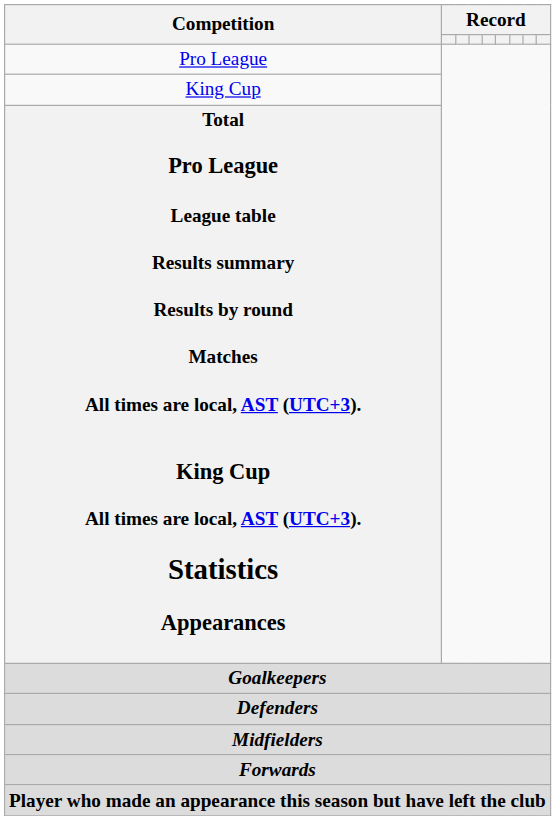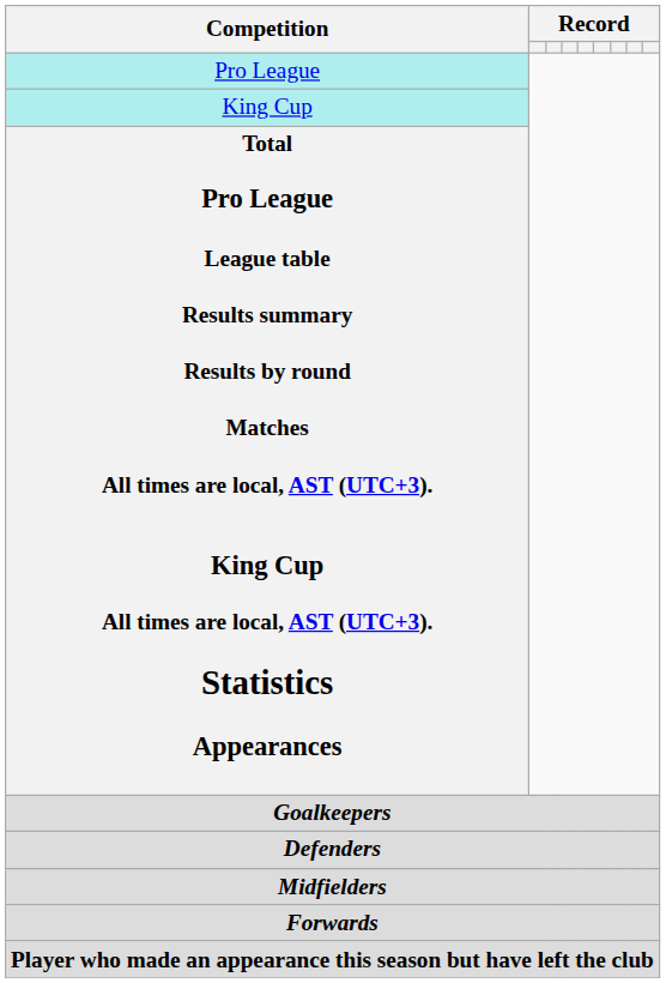 <table class="wikitable" style="text-align: center">
 <tr>
 <th rowspan=2>Competition</th>
 <th colspan=8>Record</th>
 </tr>
 <tr>
 <th></th>
 <th></th>
 <th></th>
 <th></th>
 <th></th>
 <th></th>
 <th></th>
 <th></th>
 </tr>
 <tr>
-<td><a href='#'>Pro League</a><br></td>
+<td style="background: paleturquoise;"><a href='#'>Pro League</a><br></td>
 </tr>
 <tr>
-<td><a href='#'>King Cup</a><br></td>
+<td style="background: paleturquoise;"><a href='#'>King Cup</a><br></td>
 </tr>
 <tr>
 <th>Total<br> <h3>Pro League</h3><h4>League table</h4><h4>Results summary</h4> <h4>Results by round</h4><h4>Matches</h4>All times are local, <a href='#'>AST</a> (<a href='#'>UTC+3</a>).<br>   <br>                                 <h3>King Cup</h3> All times are local, <a href='#'>AST</a> (<a href='#'>UTC+3</a>).<br>   <h2>Statistics</h2><h3>Appearances</h3></th>
 </tr>
 <tr>
 <th colspan=14 style=background:#dcdcdc; text-align:center><em>Goalkeepers</em><br>    </th>
 </tr>
 <tr>
 <th colspan=14 style=background:#dcdcdc; text-align:center><em>Defenders</em><br>         </th>
 </tr>
 <tr>
 <th colspan=14 style=background:#dcdcdc; text-align:center><em>Midfielders</em><br>          </th>
 </tr>
 <tr>
 <th colspan=14 style=background:#dcdcdc; text-align:center><em>Forwards</em><br>     </th>
 </tr>
 <tr>
 <th colspan=18 style=background:#dcdcdc; text-align:center>Player who made an appearance this season but have left the club<br>    </th>
 </tr>
 </table>
